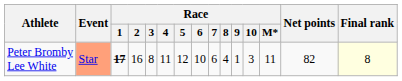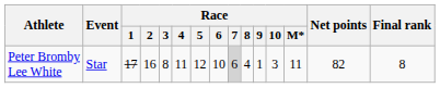 <table class="wikitable" style="font-size:90%">
 <tr>
 <th rowspan=2>Athlete</th>
 <th rowspan=2>Event</th>
 <th colspan=11>Race</th>
 <th rowspan=2>Net points</th>
 <th rowspan=2>Final rank</th>
 </tr>
 <tr style="font-size:95%">
 <th>1</th>
 <th>2</th>
 <th>3</th>
 <th>4</th>
 <th>5</th>
 <th>6</th>
 <th>7</th>
 <th>8</th>
 <th>9</th>
 <th>10</th>
 <th>M*</th>
 </tr>
 <tr align=center>
 <td align=left><a href='#'>Peter Bromby</a><br><a href='#'>Lee White</a></td>
-<td align=left style="background: lightsalmon;"><a href='#'>Star</a></td>
-<td><strong><s>17</s></strong></td>
+<td align=left><a href='#'>Star</a></td>
+<td><s>17</s></td>
 <td>16</td>
 <td>8</td>
 <td>11</td>
 <td>12</td>
 <td>10</td>
-<td>6</td>
+<td style="background: lightgrey;">6</td>
 <td>4</td>
 <td>1</td>
 <td>3</td>
 <td>11</td>
 <td>82</td>
-<td style="background: lightyellow;">8</td>
+<td>8</td>
 </tr>
 </table>
